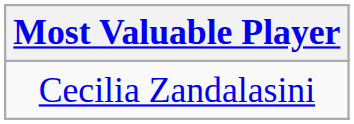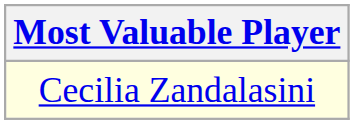 <table class=wikitable style="text-align:center">
 <tr>
 <th><a href='#'>Most Valuable Player</a></th>
 </tr>
 <tr>
-<td> <a href='#'>Cecilia Zandalasini</a></td>
+<td style="background: lightyellow;"> <a href='#'>Cecilia Zandalasini</a></td>
 </tr>
 </table>
